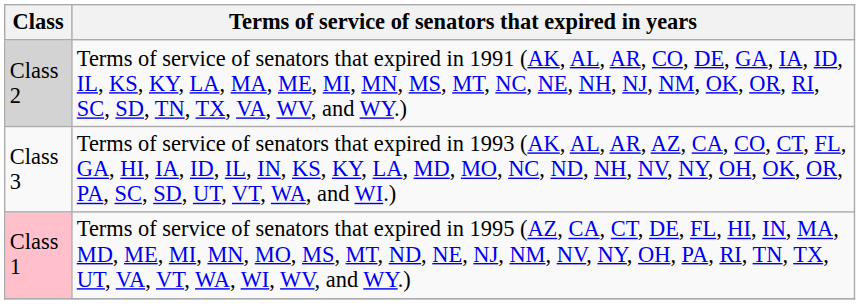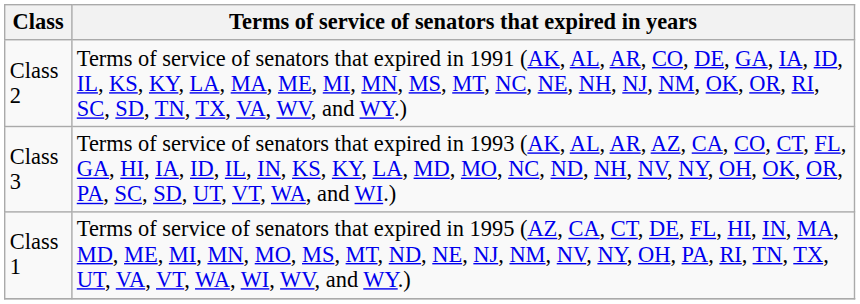 <table class="wikitable sortable">
 <tr valign=bottom>
 <th>Class</th>
 <th>Terms of service of senators that expired in years</th>
 </tr>
 <tr>
-<td style="background: lightgrey;">Class 2</td>
+<td>Class 2</td>
 <td>Terms of service of senators that expired in 1991 (<a href='#'>AK</a>, <a href='#'>AL</a>, <a href='#'>AR</a>, <a href='#'>CO</a>, <a href='#'>DE</a>, <a href='#'>GA</a>, <a href='#'>IA</a>, <a href='#'>ID</a>, <a href='#'>IL</a>, <a href='#'>KS</a>, <a href='#'>KY</a>, <a href='#'>LA</a>, <a href='#'>MA</a>, <a href='#'>ME</a>,  <a href='#'>MI</a>, <a href='#'>MN</a>, <a href='#'>MS</a>, <a href='#'>MT</a>, <a href='#'>NC</a>, <a href='#'>NE</a>, <a href='#'>NH</a>, <a href='#'>NJ</a>, <a href='#'>NM</a>, <a href='#'>OK</a>, <a href='#'>OR</a>, <a href='#'>RI</a>, <a href='#'>SC</a>, <a href='#'>SD</a>, <a href='#'>TN</a>, <a href='#'>TX</a>, <a href='#'>VA</a>, <a href='#'>WV</a>, and <a href='#'>WY</a>.)</td>
 </tr>
 <tr>
 <td>Class 3</td>
 <td>Terms of service of senators that expired in 1993 (<a href='#'>AK</a>, <a href='#'>AL</a>, <a href='#'>AR</a>, <a href='#'>AZ</a>, <a href='#'>CA</a>, <a href='#'>CO</a>, <a href='#'>CT</a>, <a href='#'>FL</a>, <a href='#'>GA</a>, <a href='#'>HI</a>, <a href='#'>IA</a>, <a href='#'>ID</a>, <a href='#'>IL</a>, <a href='#'>IN</a>,  <a href='#'>KS</a>, <a href='#'>KY</a>, <a href='#'>LA</a>, <a href='#'>MD</a>, <a href='#'>MO</a>, <a href='#'>NC</a>, <a href='#'>ND</a>, <a href='#'>NH</a>, <a href='#'>NV</a>, <a href='#'>NY</a>, <a href='#'>OH</a>, <a href='#'>OK</a>, <a href='#'>OR</a>, <a href='#'>PA</a>, <a href='#'>SC</a>, <a href='#'>SD</a>, <a href='#'>UT</a>, <a href='#'>VT</a>, <a href='#'>WA</a>, and <a href='#'>WI</a>.)</td>
 </tr>
 <tr>
-<td style="background: pink;">Class 1</td>
+<td>Class 1</td>
 <td>Terms of service of senators that expired in 1995 (<a href='#'>AZ</a>, <a href='#'>CA</a>, <a href='#'>CT</a>, <a href='#'>DE</a>, <a href='#'>FL</a>, <a href='#'>HI</a>, <a href='#'>IN</a>, <a href='#'>MA</a>, <a href='#'>MD</a>, <a href='#'>ME</a>, <a href='#'>MI</a>, <a href='#'>MN</a>, <a href='#'>MO</a>, <a href='#'>MS</a>, <a href='#'>MT</a>, <a href='#'>ND</a>, <a href='#'>NE</a>, <a href='#'>NJ</a>, <a href='#'>NM</a>, <a href='#'>NV</a>, <a href='#'>NY</a>, <a href='#'>OH</a>, <a href='#'>PA</a>, <a href='#'>RI</a>, <a href='#'>TN</a>, <a href='#'>TX</a>, <a href='#'>UT</a>, <a href='#'>VA</a>, <a href='#'>VT</a>, <a href='#'>WA</a>, <a href='#'>WI</a>, <a href='#'>WV</a>, and <a href='#'>WY</a>.)</td>
 </tr>
 <tr>
 </tr>
 </table>
